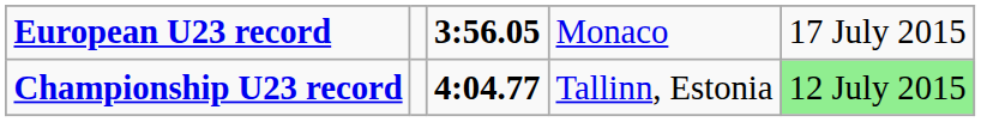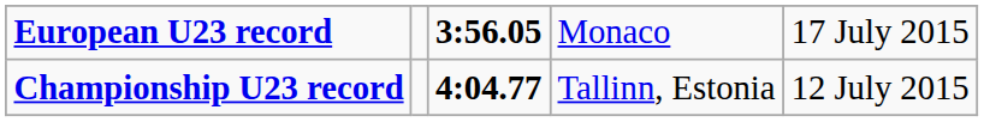 <table class="wikitable">
 <tr>
 <td><strong><a href='#'>European U23 record</a></strong></td>
 <td></td>
 <td><strong>3:56.05</strong></td>
 <td><a href='#'>Monaco</a></td>
 <td>17 July 2015</td>
 </tr>
 <tr>
 <td><strong><a href='#'>Championship U23 record</a></strong></td>
 <td></td>
 <td><strong>4:04.77</strong></td>
 <td><a href='#'>Tallinn</a>, Estonia</td>
-<td style="background: lightgreen;">12 July 2015</td>
+<td>12 July 2015</td>
 </tr>
 </table>
